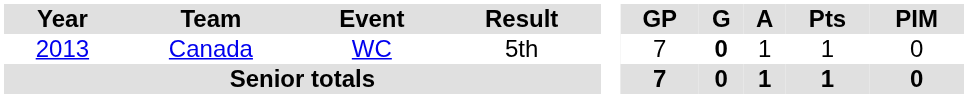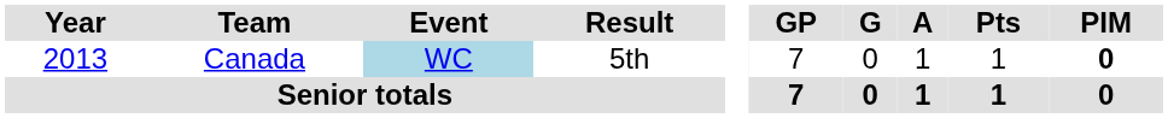 <table border="0" cellpadding="1" cellspacing="0" style="text-align:center; width:40em">
 <tr ALIGN="center" bgcolor="#e0e0e0">
 <th>Year</th>
 <th>Team</th>
 <th>Event</th>
 <th>Result</th>
 <th rowspan="99" bgcolor="#ffffff"> </th>
 <th>GP</th>
 <th>G</th>
 <th>A</th>
 <th>Pts</th>
 <th>PIM</th>
 </tr>
 <tr>
 <td><a href='#'>2013</a></td>
 <td><a href='#'>Canada</a></td>
-<td><a href='#'>WC</a></td>
+<td style="background: lightblue;"><a href='#'>WC</a></td>
 <td>5th</td>
 <td>7</td>
-<td><strong>0</strong></td>
+<td>0</td>
 <td>1</td>
 <td>1</td>
-<td>0</td>
+<td><strong>0</strong></td>
 </tr>
 <tr bgcolor="#e0e0e0">
 <th colspan=4>Senior totals</th>
 <th>7</th>
 <th>0</th>
 <th>1</th>
 <th>1</th>
 <th>0</th>
 </tr>
 </table>
